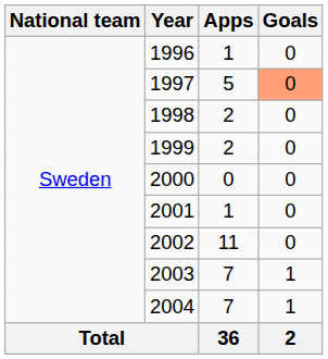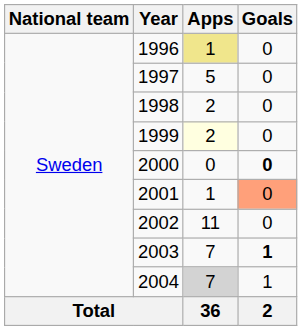 <table class="wikitable" style="text-align:center">
 <tr>
 <th>National team</th>
 <th>Year</th>
 <th>Apps</th>
 <th>Goals</th>
 </tr>
 <tr>
 <td rowspan="9"><a href='#'>Sweden</a></td>
 <td>1996</td>
-<td>1</td>
+<td style="background: khaki;">1</td>
 <td>0</td>
 </tr>
 <tr>
 <td>1997</td>
 <td>5</td>
-<td style="background: lightsalmon;">0</td>
+<td>0</td>
 </tr>
 <tr>
 <td>1998</td>
 <td>2</td>
 <td>0</td>
 </tr>
 <tr>
 <td>1999</td>
-<td>2</td>
+<td style="background: lightyellow;">2</td>
 <td>0</td>
 </tr>
 <tr>
 <td>2000</td>
 <td>0</td>
-<td>0</td>
+<td><strong>0</strong></td>
 </tr>
 <tr>
 <td>2001</td>
 <td>1</td>
-<td>0</td>
+<td style="background: lightsalmon;">0</td>
 </tr>
 <tr>
 <td>2002</td>
 <td>11</td>
 <td>0</td>
 </tr>
 <tr>
 <td>2003</td>
 <td>7</td>
-<td>1</td>
+<td><strong>1</strong></td>
 </tr>
 <tr>
 <td>2004</td>
-<td>7</td>
+<td style="background: lightgrey;">7</td>
 <td>1</td>
 </tr>
 <tr>
 <th colspan="2">Total</th>
 <th>36</th>
 <th>2</th>
 </tr>
 </table>
